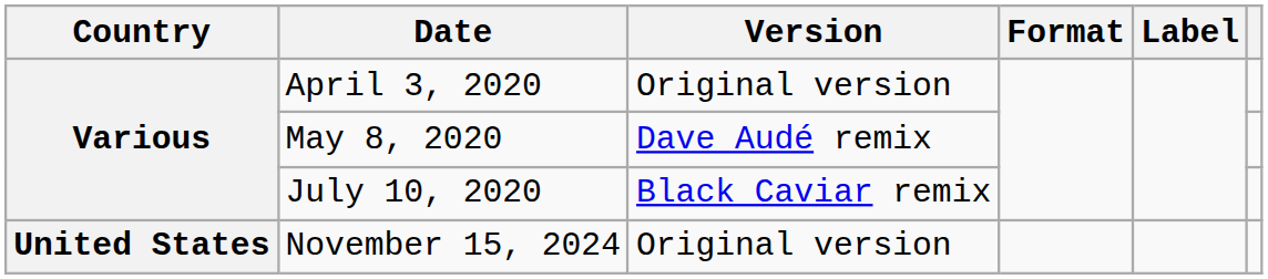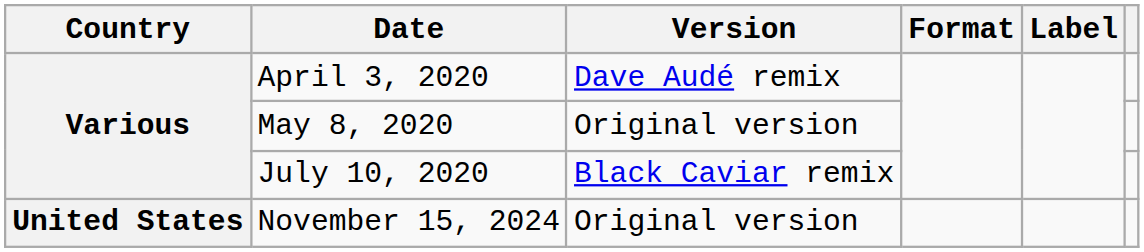 <table class="wikitable plainrowheaders">
 <tr>
 <th>Country</th>
 <th>Date</th>
 <th>Version</th>
 <th>Format</th>
 <th>Label</th>
 <th></th>
 </tr>
 <tr>
 <th scope="row" rowspan="3">Various</th>
 <td>April 3, 2020</td>
-<td>Original version</td>
+<td><a href='#'>Dave Audé</a> remix</td>
 <td rowspan="3"></td>
 <td rowspan="3"></td>
 <td></td>
 </tr>
 <tr>
 <td>May 8, 2020</td>
-<td><a href='#'>Dave Audé</a> remix</td>
+<td>Original version</td>
 <td></td>
 </tr>
 <tr>
 <td>July 10, 2020</td>
 <td><a href='#'>Black Caviar</a> remix</td>
 <td></td>
 </tr>
 <tr>
 <th scope="row">United States</th>
 <td>November 15, 2024</td>
 <td>Original version</td>
 <td rowspan="3"></td>
 <td rowspan="3"></td>
 <td></td>
 </tr>
 </table>
